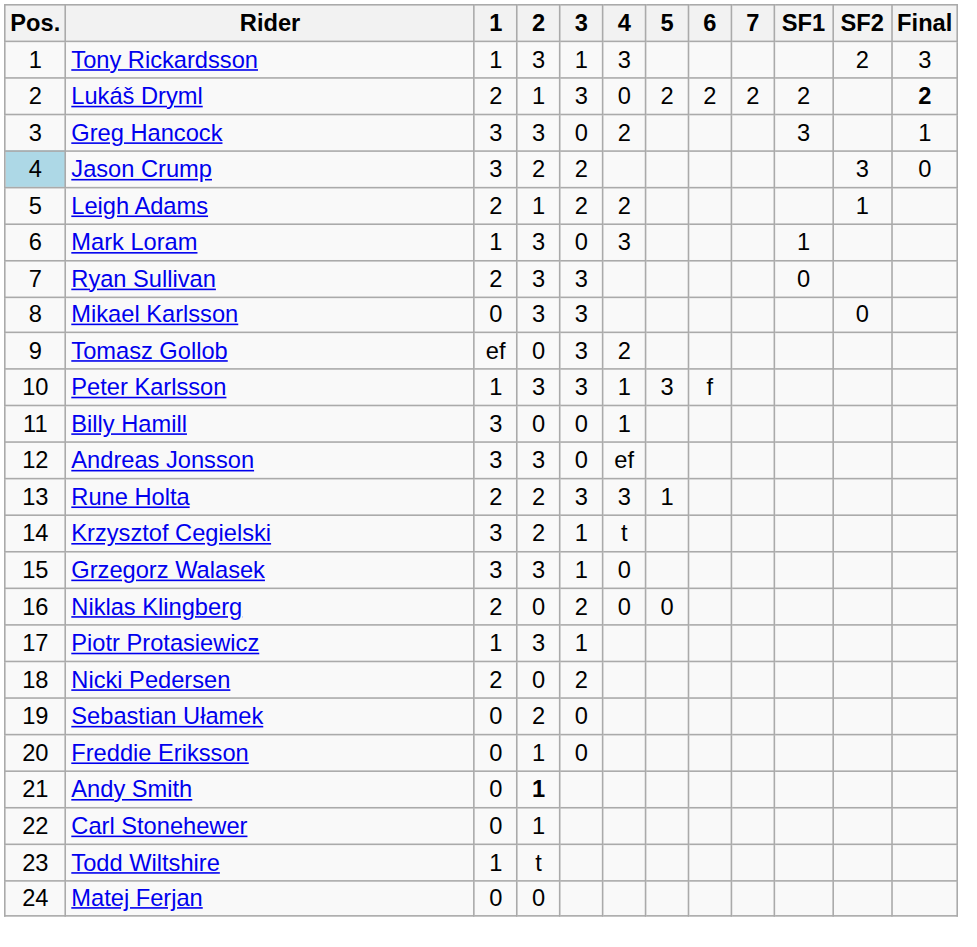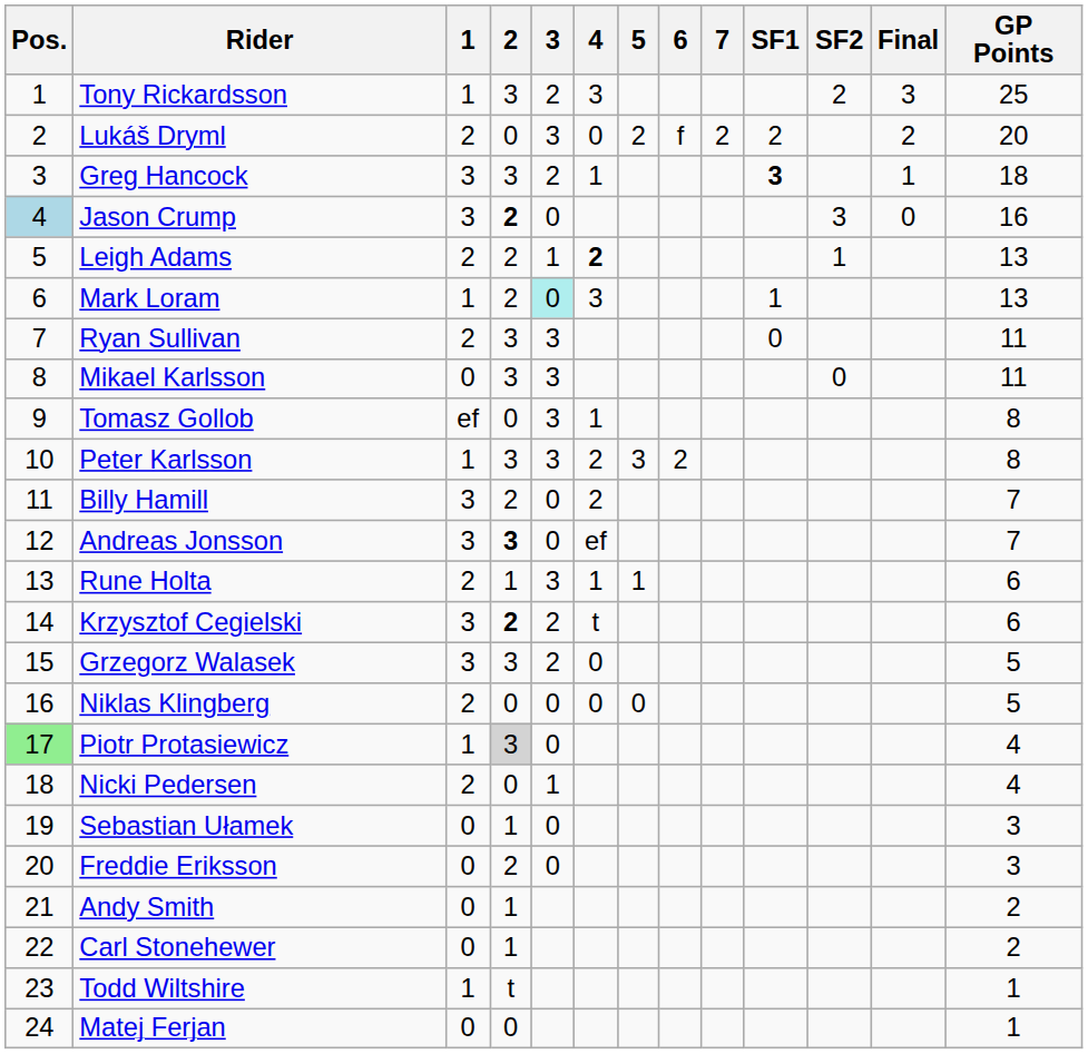 <table class=wikitable style="font-size:93%;">
 <tr>
 <th width=25px>Pos.</th>
 <th width=250px>Rider</th>
 <th width=20px>1</th>
 <th width=20px>2</th>
 <th width=20px>3</th>
 <th width=20px>4</th>
 <th width=20px>5</th>
 <th width=20px>6</th>
 <th width=20px>7</th>
 <th width=30px>SF1</th>
 <th width=30px>SF2</th>
 <th width=30px>Final</th>
+<th width=80px>GP Points</th>
 </tr>
 <tr align=center style="background-color:">
 <td>1</td>
 <td align=left> <a href='#'>Tony Rickardsson</a></td>
 <td>1</td>
 <td>3</td>
-<td>1</td>
+<td>2</td>
 <td>3</td>
 <td></td>
 <td></td>
 <td></td>
 <td></td>
 <td>2</td>
 <td>3</td>
+<td>25</td>
 </tr>
 <tr align=center style="background-color:">
 <td>2</td>
 <td align=left> <a href='#'>Lukáš Dryml</a></td>
 <td>2</td>
-<td>1</td>
+<td>0</td>
 <td>3</td>
 <td>0</td>
 <td>2</td>
-<td>2</td>
+<td>f</td>
 <td>2</td>
 <td> 2</td>
 <td></td>
-<td><strong>2</strong></td>
+<td>2</td>
+<td>20</td>
 </tr>
 <tr align=center style="background-color:">
 <td>3</td>
 <td align=left> <a href='#'>Greg Hancock</a></td>
 <td>3</td>
 <td>3</td>
-<td>0</td>
 <td>2</td>
+<td>1</td>
 <td></td>
 <td></td>
 <td></td>
-<td>3</td>
+<td><strong>3</strong></td>
 <td></td>
 <td>1</td>
+<td>18</td>
 </tr>
 <tr align=center>
 <td style="background: lightblue;">4</td>
 <td align=left> <a href='#'>Jason Crump</a></td>
 <td>3</td>
-<td>2</td>
-<td>2</td>
+<td><strong>2</strong></td>
+<td>0</td>
 <td></td>
 <td></td>
 <td></td>
 <td></td>
 <td></td>
 <td>3</td>
 <td>0</td>
+<td>16</td>
 </tr>
 <tr align=center>
 <td>5</td>
 <td align=left> <a href='#'>Leigh Adams</a></td>
 <td>2</td>
+<td>2</td>
 <td>1</td>
-<td>2</td>
-<td>2</td>
+<td><strong>2</strong></td>
 <td></td>
 <td></td>
 <td></td>
 <td></td>
 <td>1</td>
 <td></td>
+<td>13</td>
 </tr>
 <tr align=center>
 <td>6</td>
 <td align=left> <a href='#'>Mark Loram</a></td>
 <td>1</td>
-<td>3</td>
-<td>0</td>
+<td>2</td>
+<td style="background: paleturquoise;">0</td>
 <td>3</td>
 <td></td>
 <td></td>
 <td></td>
 <td>1</td>
 <td></td>
 <td></td>
+<td>13</td>
 </tr>
 <tr align=center>
 <td>7</td>
 <td align=left> <a href='#'>Ryan Sullivan</a></td>
 <td>2</td>
 <td>3</td>
 <td>3</td>
 <td></td>
 <td></td>
 <td></td>
 <td></td>
 <td>0</td>
 <td></td>
 <td></td>
+<td>11</td>
 </tr>
 <tr align=center>
 <td>8</td>
 <td align=left> <a href='#'>Mikael Karlsson</a></td>
 <td>0</td>
 <td>3</td>
 <td>3</td>
 <td></td>
 <td></td>
 <td></td>
 <td></td>
 <td></td>
 <td>0</td>
 <td></td>
+<td>11</td>
 </tr>
 <tr align=center>
 <td>9</td>
 <td align=left> <a href='#'>Tomasz Gollob</a></td>
 <td>ef</td>
 <td>0</td>
-<td>3</td>
-<td>2</td>
-<td></td>
-<td></td>
-<td></td>
-<td></td>
-<td></td>
-<td></td>
-</tr>
-<tr align=center>
-<td>10</td>
-<td align=left> <a href='#'>Peter Karlsson</a></td>
-<td>1</td>
-<td>3</td>
-<td>3</td>
-<td>1</td>
-<td>3</td>
-<td>f</td>
-<td></td>
-<td></td>
-<td></td>
-<td></td>
-</tr>
-<tr align=center>
-<td>11</td>
-<td align=left> <a href='#'>Billy Hamill</a></td>
-<td>3</td>
-<td>0</td>
-<td>0</td>
-<td>1</td>
-<td></td>
-<td></td>
-<td></td>
-<td></td>
-<td></td>
-<td></td>
-</tr>
-<tr align=center>
-<td>12</td>
-<td align=left> <a href='#'>Andreas Jonsson</a></td>
-<td>3</td>
-<td>3</td>
-<td>0</td>
-<td>ef</td>
-<td></td>
-<td></td>
-<td></td>
-<td></td>
-<td></td>
-<td></td>
-</tr>
-<tr align=center>
-<td>13</td>
-<td align=left> <a href='#'>Rune Holta</a></td>
-<td>2</td>
-<td>2</td>
-<td>3</td>
-<td>3</td>
-<td>1</td>
-<td></td>
-<td></td>
-<td></td>
-<td></td>
-<td></td>
-</tr>
-<tr align=center>
-<td>14</td>
-<td align=left> <a href='#'>Krzysztof Cegielski</a></td>
-<td>3</td>
-<td>2</td>
-<td>1</td>
-<td>t</td>
-<td></td>
-<td></td>
-<td></td>
-<td></td>
-<td></td>
-<td></td>
-</tr>
-<tr align=center>
-<td>15</td>
-<td align=left> <a href='#'>Grzegorz Walasek</a></td>
-<td>3</td>
-<td>3</td>
-<td>1</td>
-<td>0</td>
-<td></td>
-<td></td>
-<td></td>
-<td></td>
-<td></td>
-<td></td>
-</tr>
-<tr align=center>
-<td>16</td>
-<td align=left> <a href='#'>Niklas Klingberg</a></td>
-<td>2</td>
-<td>0</td>
-<td>2</td>
-<td>0</td>
-<td>0</td>
-<td></td>
-<td></td>
-<td></td>
-<td></td>
-<td></td>
-</tr>
-<tr align=center>
-<td>17</td>
-<td align=left> <a href='#'>Piotr Protasiewicz</a></td>
-<td>1</td>
 <td>3</td>
 <td>1</td>
 <td></td>
 <td></td>
 <td></td>
 <td></td>
 <td></td>
 <td></td>
-<td></td>
+<td>8</td>
 </tr>
 <tr align=center>
-<td>18</td>
-<td align=left> <a href='#'>Nicki Pedersen</a></td>
+<td>10</td>
+<td align=left> <a href='#'>Peter Karlsson</a></td>
+<td>1</td>
+<td>3</td>
+<td>3</td>
+<td>2</td>
+<td>3</td>
+<td>2</td>
+<td></td>
+<td></td>
+<td></td>
+<td></td>
+<td>8</td>
+</tr>
+<tr align=center>
+<td>11</td>
+<td align=left> <a href='#'>Billy Hamill</a></td>
+<td>3</td>
 <td>2</td>
 <td>0</td>
 <td>2</td>
 <td></td>
 <td></td>
 <td></td>
 <td></td>
 <td></td>
 <td></td>
+<td>7</td>
+</tr>
+<tr align=center>
+<td>12</td>
+<td align=left> <a href='#'>Andreas Jonsson</a></td>
+<td>3</td>
+<td><strong>3</strong></td>
+<td>0</td>
+<td>ef</td>
 <td></td>
+<td></td>
+<td></td>
+<td></td>
+<td></td>
+<td></td>
+<td>7</td>
+</tr>
+<tr align=center>
+<td>13</td>
+<td align=left> <a href='#'>Rune Holta</a></td>
+<td>2</td>
+<td>1</td>
+<td>3</td>
+<td>1</td>
+<td>1</td>
+<td></td>
+<td></td>
+<td></td>
+<td></td>
+<td></td>
+<td>6</td>
+</tr>
+<tr align=center>
+<td>14</td>
+<td align=left> <a href='#'>Krzysztof Cegielski</a></td>
+<td>3</td>
+<td><strong>2</strong></td>
+<td>2</td>
+<td>t</td>
+<td></td>
+<td></td>
+<td></td>
+<td></td>
+<td></td>
+<td></td>
+<td>6</td>
+</tr>
+<tr align=center>
+<td>15</td>
+<td align=left> <a href='#'>Grzegorz Walasek</a></td>
+<td>3</td>
+<td>3</td>
+<td>2</td>
+<td>0</td>
+<td></td>
+<td></td>
+<td></td>
+<td></td>
+<td></td>
+<td></td>
+<td>5</td>
+</tr>
+<tr align=center>
+<td>16</td>
+<td align=left> <a href='#'>Niklas Klingberg</a></td>
+<td>2</td>
+<td>0</td>
+<td>0</td>
+<td>0</td>
+<td>0</td>
+<td></td>
+<td></td>
+<td></td>
+<td></td>
+<td></td>
+<td>5</td>
+</tr>
+<tr align=center>
+<td style="background: lightgreen;">17</td>
+<td align=left> <a href='#'>Piotr Protasiewicz</a></td>
+<td>1</td>
+<td style="background: lightgrey;">3</td>
+<td>0</td>
+<td></td>
+<td></td>
+<td></td>
+<td></td>
+<td></td>
+<td></td>
+<td></td>
+<td>4</td>
+</tr>
+<tr align=center>
+<td>18</td>
+<td align=left> <a href='#'>Nicki Pedersen</a></td>
+<td>2</td>
+<td>0</td>
+<td>1</td>
+<td></td>
+<td></td>
+<td></td>
+<td></td>
+<td></td>
+<td></td>
+<td></td>
+<td>4</td>
 </tr>
 <tr align=center>
 <td>19</td>
 <td align=left> <a href='#'>Sebastian Ułamek</a></td>
+<td>0</td>
+<td>1</td>
+<td>0</td>
+<td></td>
+<td></td>
+<td></td>
+<td></td>
+<td></td>
+<td></td>
+<td></td>
+<td>3</td>
+</tr>
+<tr align=center>
+<td>20</td>
+<td align=left> <a href='#'>Freddie Eriksson</a></td>
 <td>0</td>
 <td>2</td>
 <td>0</td>
 <td></td>
 <td></td>
 <td></td>
 <td></td>
 <td></td>
 <td></td>
 <td></td>
-</tr>
-<tr align=center>
-<td>20</td>
-<td align=left> <a href='#'>Freddie Eriksson</a></td>
-<td>0</td>
-<td>1</td>
-<td>0</td>
-<td></td>
-<td></td>
-<td></td>
-<td></td>
-<td></td>
-<td></td>
-<td></td>
+<td>3</td>
 </tr>
 <tr align=center>
 <td>21</td>
 <td align=left> <a href='#'>Andy Smith</a></td>
 <td>0</td>
-<td><strong>1</strong></td>
+<td>1</td>
 <td></td>
 <td></td>
 <td></td>
 <td></td>
 <td></td>
 <td></td>
 <td></td>
 <td></td>
+<td>2</td>
 </tr>
 <tr align=center>
 <td>22</td>
 <td align=left> <a href='#'>Carl Stonehewer</a></td>
 <td>0</td>
 <td>1</td>
 <td></td>
 <td></td>
 <td></td>
 <td></td>
 <td></td>
 <td></td>
 <td></td>
 <td></td>
+<td>2</td>
 </tr>
 <tr align=center>
 <td>23</td>
 <td align=left> <a href='#'>Todd Wiltshire</a></td>
 <td>1</td>
 <td>t</td>
 <td></td>
 <td></td>
 <td></td>
 <td></td>
 <td></td>
 <td></td>
 <td></td>
 <td></td>
+<td>1</td>
 </tr>
 <tr align=center>
 <td>24</td>
 <td align=left> <a href='#'>Matej Ferjan</a></td>
 <td>0</td>
 <td>0</td>
 <td></td>
 <td></td>
 <td></td>
 <td></td>
 <td></td>
 <td></td>
 <td></td>
 <td></td>
+<td>1</td>
 </tr>
 </table>
